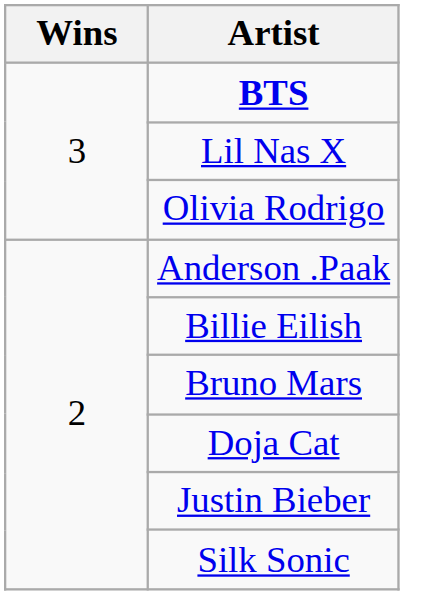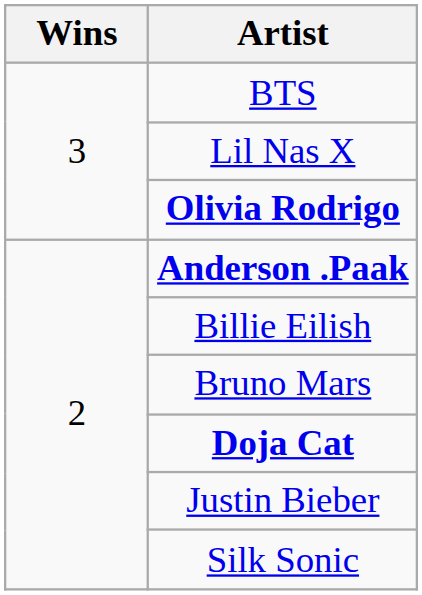 <table class="wikitable" rowspan="2" style="text-align:center">
 <tr>
 <th scope="col" style="width:55px;">Wins</th>
 <th scope="col" style="text-align:center;">Artist</th>
 </tr>
 <tr>
 <td rowspan="3" style="text-align:center">3</td>
-<td><strong><a href='#'>BTS</a></strong></td>
+<td><a href='#'>BTS</a></td>
 </tr>
 <tr>
 <td><a href='#'>Lil Nas X</a></td>
 </tr>
 <tr>
-<td><a href='#'>Olivia Rodrigo</a></td>
+<td><strong><a href='#'>Olivia Rodrigo</a></strong></td>
 </tr>
 <tr>
 <td rowspan="6" style="text-align:center">2</td>
-<td><a href='#'>Anderson .Paak</a></td>
+<td><strong><a href='#'>Anderson .Paak</a></strong></td>
 </tr>
 <tr>
 <td><a href='#'>Billie Eilish</a></td>
 </tr>
 <tr>
 <td><a href='#'>Bruno Mars</a></td>
 </tr>
 <tr>
-<td><a href='#'>Doja Cat</a></td>
+<td><strong><a href='#'>Doja Cat</a></strong></td>
 </tr>
 <tr>
 <td><a href='#'>Justin Bieber</a></td>
 </tr>
 <tr>
 <td><a href='#'>Silk Sonic</a></td>
 </tr>
 </table>
